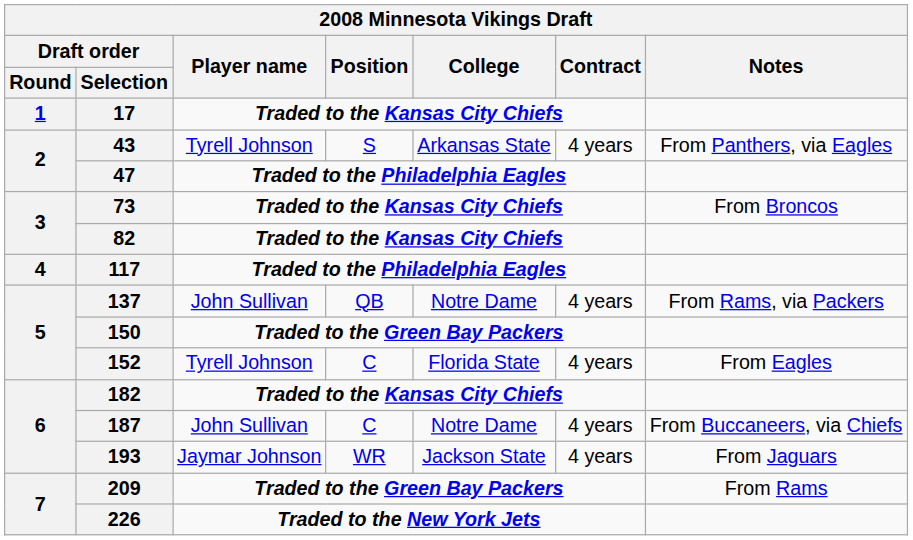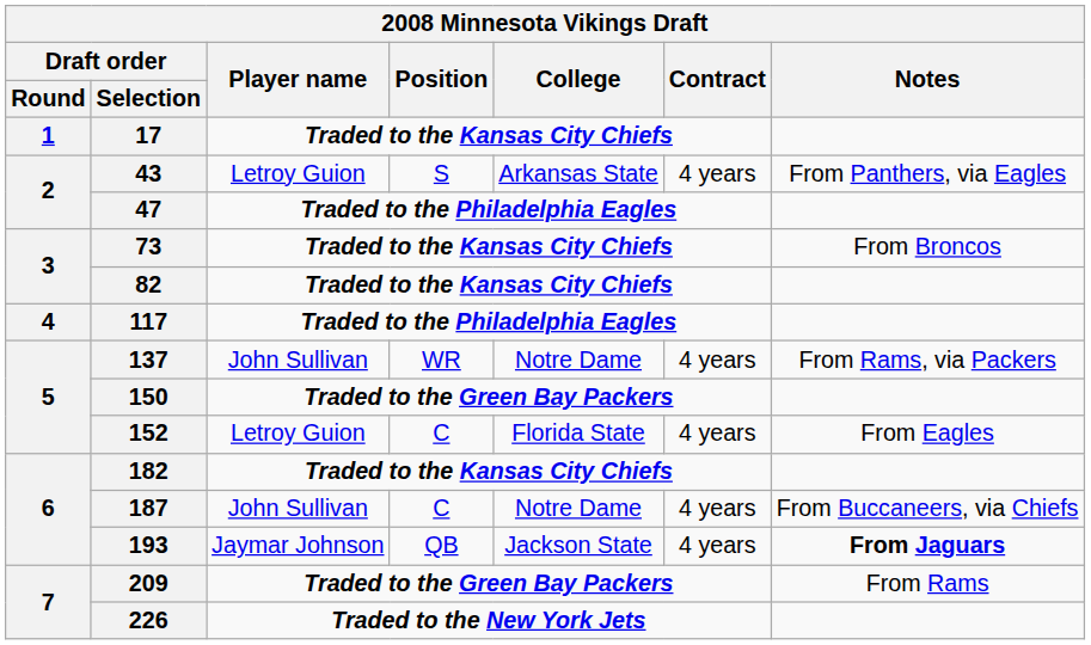 <table class="wikitable" style="text-align:center">
 <tr>
 <th colspan="7">2008 Minnesota Vikings Draft</th>
 </tr>
 <tr>
 <th colspan="2">Draft order</th>
 <th rowspan="2">Player name</th>
 <th rowspan="2">Position</th>
 <th rowspan="2">College</th>
 <th rowspan="2">Contract</th>
 <th rowspan="2">Notes</th>
 </tr>
 <tr>
 <th>Round</th>
 <th>Selection</th>
 </tr>
 <tr>
 <th><a href='#'>1</a></th>
 <th>17</th>
 <td colspan="4"><strong><em>Traded to the <a href='#'>Kansas City Chiefs</a></em></strong></td>
 <td></td>
 </tr>
 <tr>
 <th rowspan="2">2</th>
 <th>43</th>
-<td><a href='#'>Tyrell Johnson</a></td>
+<td><a href='#'>Letroy Guion</a></td>
 <td><a href='#'>S</a></td>
 <td><a href='#'>Arkansas State</a></td>
 <td>4 years</td>
 <td>From <a href='#'>Panthers</a>, via <a href='#'>Eagles</a></td>
 </tr>
 <tr>
 <th>47</th>
 <td colspan="4"><strong><em>Traded to the <a href='#'>Philadelphia Eagles</a></em></strong></td>
 <td></td>
 </tr>
 <tr>
 <th rowspan="2">3</th>
 <th>73</th>
 <td colspan="4"><strong><em>Traded to the <a href='#'>Kansas City Chiefs</a></em></strong></td>
 <td>From <a href='#'>Broncos</a></td>
 </tr>
 <tr>
 <th>82</th>
 <td colspan="4"><strong><em>Traded to the <a href='#'>Kansas City Chiefs</a></em></strong></td>
 <td></td>
 </tr>
 <tr>
 <th>4</th>
 <th>117</th>
 <td colspan="4"><strong><em>Traded to the <a href='#'>Philadelphia Eagles</a></em></strong></td>
 <td></td>
 </tr>
 <tr>
 <th rowspan="3">5</th>
 <th>137</th>
 <td><a href='#'>John Sullivan</a></td>
-<td><a href='#'>QB</a></td>
+<td><a href='#'>WR</a></td>
 <td><a href='#'>Notre Dame</a></td>
 <td>4 years</td>
 <td>From <a href='#'>Rams</a>, via <a href='#'>Packers</a></td>
 </tr>
 <tr>
 <th>150</th>
 <td colspan="4"><strong><em>Traded to the <a href='#'>Green Bay Packers</a></em></strong></td>
 <td></td>
 </tr>
 <tr>
 <th>152</th>
-<td><a href='#'>Tyrell Johnson</a></td>
+<td><a href='#'>Letroy Guion</a></td>
 <td><a href='#'>C</a></td>
 <td><a href='#'>Florida State</a></td>
 <td>4 years</td>
 <td>From <a href='#'>Eagles</a></td>
 </tr>
 <tr>
 <th rowspan="3">6</th>
 <th>182</th>
 <td colspan="4"><strong><em>Traded to the <a href='#'>Kansas City Chiefs</a></em></strong></td>
 <td></td>
 </tr>
 <tr>
 <th>187</th>
 <td><a href='#'>John Sullivan</a></td>
 <td><a href='#'>C</a></td>
 <td><a href='#'>Notre Dame</a></td>
 <td>4 years</td>
 <td>From <a href='#'>Buccaneers</a>, via <a href='#'>Chiefs</a></td>
 </tr>
 <tr>
 <th>193</th>
 <td><a href='#'>Jaymar Johnson</a></td>
-<td><a href='#'>WR</a></td>
+<td><a href='#'>QB</a></td>
 <td><a href='#'>Jackson State</a></td>
 <td>4 years</td>
-<td>From <a href='#'>Jaguars</a></td>
+<td><strong>From <a href='#'>Jaguars</a></strong></td>
 </tr>
 <tr>
 <th rowspan="2">7</th>
 <th>209</th>
 <td colspan="4"><strong><em>Traded to the <a href='#'>Green Bay Packers</a></em></strong></td>
 <td>From <a href='#'>Rams</a></td>
 </tr>
 <tr>
 <th>226</th>
 <td colspan="4"><strong><em>Traded to the <a href='#'>New York Jets</a></em></strong></td>
 <td></td>
 </tr>
 </table>
